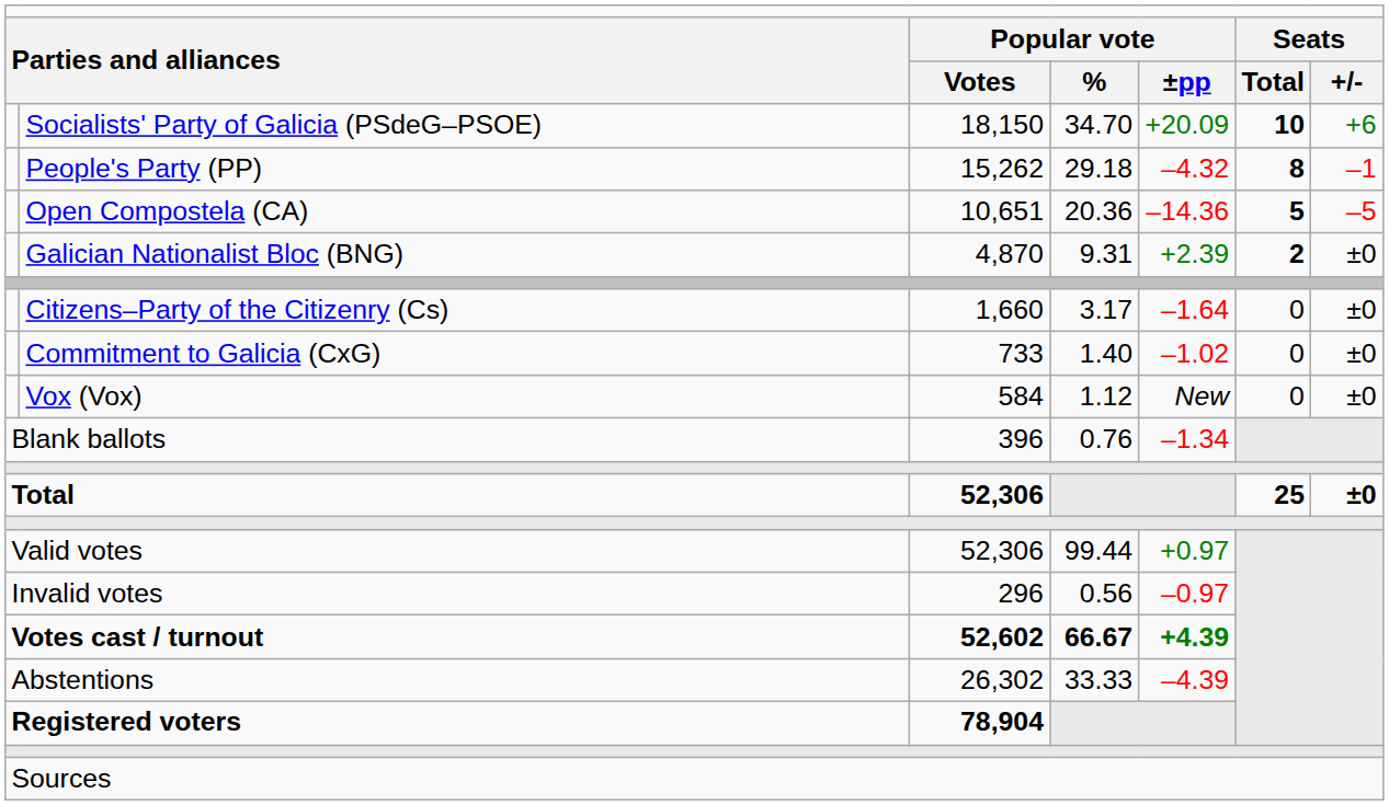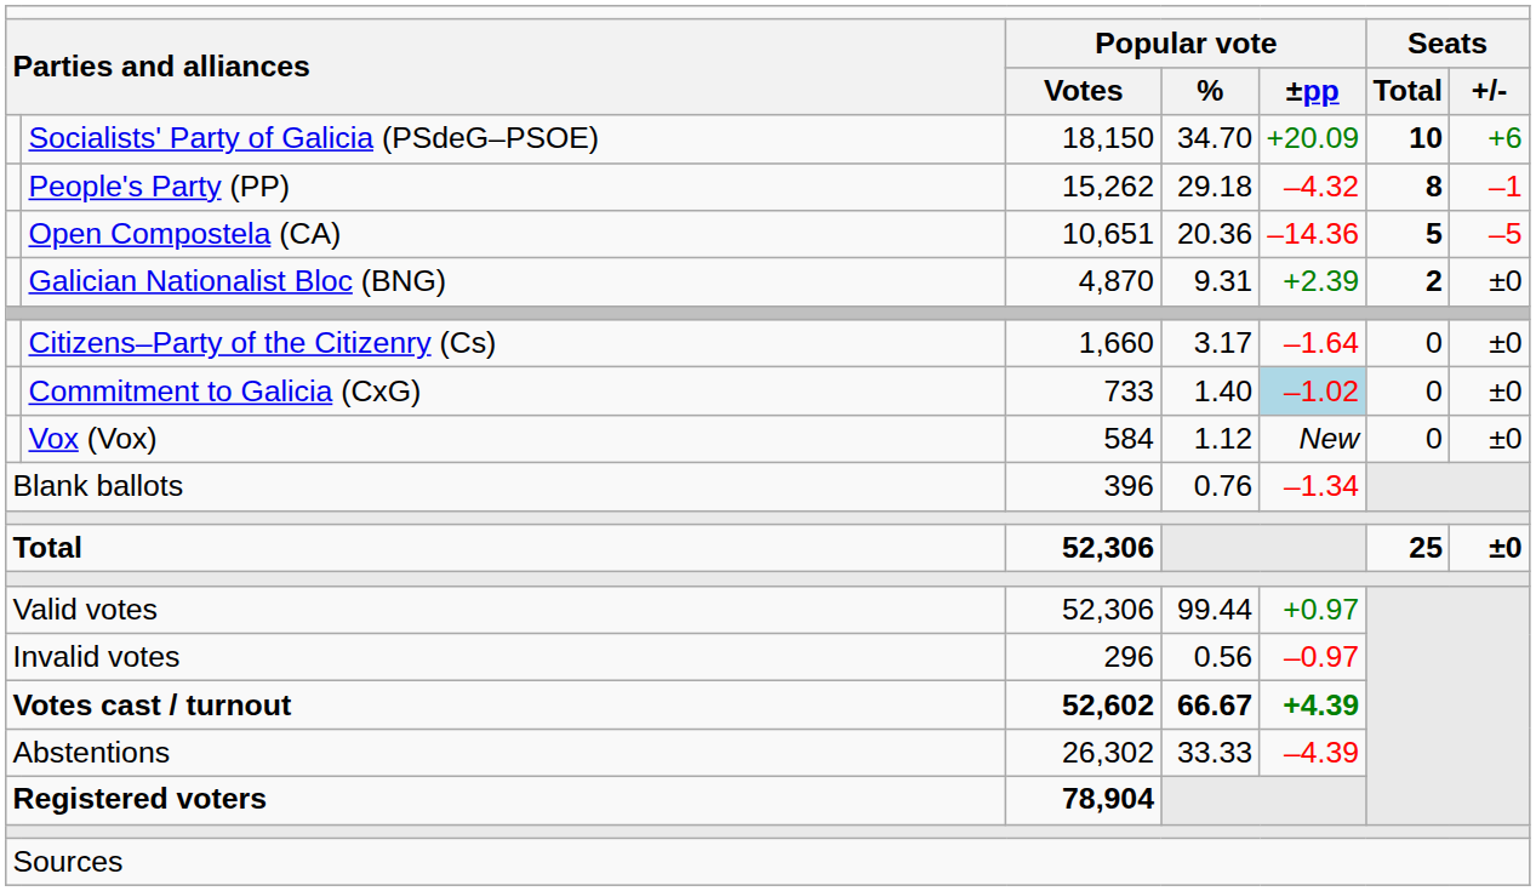 <table class="wikitable" style="text-align:right;">
 <tr>
 <td colspan="7"></td>
 </tr>
 <tr>
 <th style="text-align:left;" rowspan="2" colspan="2" width="525">Parties and alliances</th>
 <th colspan="3">Popular vote</th>
 <th colspan="2">Seats</th>
 </tr>
 <tr>
 <th width="75">Votes</th>
 <th width="45">%</th>
 <th width="45">±<a href='#'>pp</a></th>
 <th width="35">Total</th>
 <th width="35">+/-</th>
 </tr>
 <tr>
 <td width="1" style="color:inherit;background:"></td>
 <td align="left"><a href='#'>Socialists' Party of Galicia</a> (PSdeG–PSOE)</td>
 <td>18,150</td>
 <td>34.70</td>
 <td style="color:green;">+20.09</td>
 <td><strong>10</strong></td>
 <td style="color:green;">+6</td>
 </tr>
 <tr>
 <td style="color:inherit;background:"></td>
 <td align="left"><a href='#'>People's Party</a> (PP)</td>
 <td>15,262</td>
 <td>29.18</td>
 <td style="color:red;">–4.32</td>
 <td><strong>8</strong></td>
 <td style="color:red;">–1</td>
 </tr>
 <tr>
 <td style="color:inherit;background:"></td>
 <td align="left"><a href='#'>Open Compostela</a> (CA)</td>
 <td>10,651</td>
 <td>20.36</td>
 <td style="color:red;">–14.36</td>
 <td><strong>5</strong></td>
 <td style="color:red;">–5</td>
 </tr>
 <tr>
 <td style="color:inherit;background:"></td>
 <td align="left"><a href='#'>Galician Nationalist Bloc</a> (BNG)</td>
 <td>4,870</td>
 <td>9.31</td>
 <td style="color:green;">+2.39</td>
 <td><strong>2</strong></td>
 <td>±0</td>
 </tr>
 <tr>
 <td colspan="7" bgcolor="#C0C0C0"></td>
 </tr>
 <tr>
 <td style="color:inherit;background:"></td>
 <td align="left"><a href='#'>Citizens–Party of the Citizenry</a> (Cs)</td>
 <td>1,660</td>
 <td>3.17</td>
 <td style="color:red;">–1.64</td>
 <td>0</td>
 <td>±0</td>
 </tr>
 <tr>
 <td style="color:inherit;background:"></td>
 <td align="left"><a href='#'>Commitment to Galicia</a> (CxG)</td>
 <td>733</td>
 <td>1.40</td>
-<td style="color:red;">–1.02</td>
+<td style="background: lightblue; color:red;">–1.02</td>
 <td>0</td>
 <td>±0</td>
 </tr>
 <tr>
 <td style="color:inherit;background:"></td>
 <td align="left"><a href='#'>Vox</a> (Vox)</td>
 <td>584</td>
 <td>1.12</td>
 <td><em>New</em></td>
 <td>0</td>
 <td>±0</td>
 </tr>
 <tr>
 <td align="left" colspan="2">Blank ballots</td>
 <td>396</td>
 <td>0.76</td>
 <td style="color:red;">–1.34</td>
 <td bgcolor="#E9E9E9" colspan="2"></td>
 </tr>
 <tr>
 <td colspan="7" bgcolor="#E9E9E9"></td>
 </tr>
 <tr style="font-weight:bold;">
 <td align="left" colspan="2">Total</td>
 <td>52,306</td>
 <td bgcolor="#E9E9E9" colspan="2"></td>
 <td>25</td>
 <td>±0</td>
 </tr>
 <tr>
 <td colspan="7" bgcolor="#E9E9E9"></td>
 </tr>
 <tr>
 <td align="left" colspan="2">Valid votes</td>
 <td>52,306</td>
 <td>99.44</td>
 <td style="color:green;">+0.97</td>
 <td bgcolor="#E9E9E9" colspan="2" rowspan="5"></td>
 </tr>
 <tr>
 <td align="left" colspan="2">Invalid votes</td>
 <td>296</td>
 <td>0.56</td>
 <td style="color:red;">–0.97</td>
 </tr>
 <tr style="font-weight:bold;">
 <td align="left" colspan="2">Votes cast / turnout</td>
 <td>52,602</td>
 <td>66.67</td>
 <td style="color:green;">+4.39</td>
 </tr>
 <tr>
 <td align="left" colspan="2">Abstentions</td>
 <td>26,302</td>
 <td>33.33</td>
 <td style="color:red;">–4.39</td>
 </tr>
 <tr style="font-weight:bold;">
 <td align="left" colspan="2">Registered voters</td>
 <td>78,904</td>
 <td bgcolor="#E9E9E9" colspan="2"></td>
 </tr>
 <tr>
 <td colspan="7" bgcolor="#E9E9E9"></td>
 </tr>
 <tr>
 <td align="left" colspan="7">Sources</td>
 </tr>
 </table>
